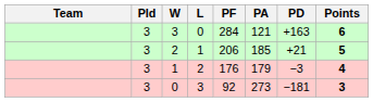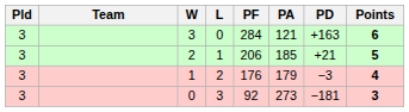 <table class=wikitable style="text-align:center" width=500>
 <tr>
+<th width=5%>Pld</th>
 <th width=25%>Team</th>
-<th width=5%>Pld</th>
 <th width=5%>W</th>
 <th width=5%>L</th>
 <th width=5%>PF</th>
 <th width=5%>PA</th>
 <th width=5%>PD</th>
 <th width=8%>Points</th>
 </tr>
 <tr bgcolor=ccffcc>
+<td>3</td>
 <td align="left"></td>
-<td>3</td>
 <td>3</td>
 <td>0</td>
 <td>284</td>
 <td>121</td>
 <td>+163</td>
 <td><strong>6</strong></td>
 </tr>
 <tr bgcolor=ccffcc>
+<td>3</td>
 <td align="left"></td>
-<td>3</td>
 <td>2</td>
 <td>1</td>
 <td>206</td>
 <td>185</td>
 <td>+21</td>
 <td><strong>5</strong></td>
 </tr>
 <tr bgcolor=ffcccc>
+<td>3</td>
 <td align="left"></td>
-<td>3</td>
 <td>1</td>
 <td>2</td>
 <td>176</td>
 <td>179</td>
 <td>−3</td>
 <td><strong>4</strong></td>
 </tr>
 <tr bgcolor=ffcccc>
+<td>3</td>
 <td align="left"></td>
-<td>3</td>
 <td>0</td>
 <td>3</td>
 <td>92</td>
 <td>273</td>
 <td>−181</td>
 <td><strong>3</strong></td>
 </tr>
 </table>
